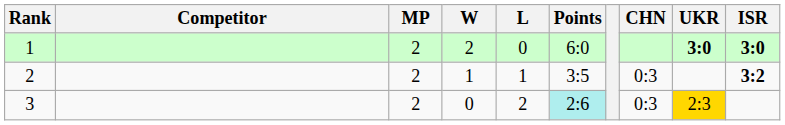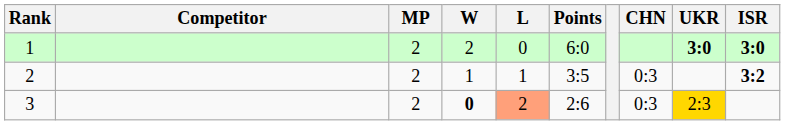 <table class="wikitable" style="text-align:center">
 <tr>
 <th>Rank</th>
 <th style="width:18em">Competitor</th>
 <th style="width:2.5em">MP</th>
 <th style="width:2.5em">W</th>
 <th style="width:2.5em">L</th>
 <th>Points</th>
 <th rowspan="4"> </th>
 <th style="width:2.5em">CHN</th>
 <th style="width:2.5em">UKR</th>
 <th style="width:2.5em">ISR</th>
 </tr>
 <tr style="background:#cfc;">
 <td>1</td>
 <td style="text-align:left"></td>
 <td>2</td>
 <td>2</td>
 <td>0</td>
 <td>6:0</td>
 <td></td>
 <td><strong>3:0</strong></td>
 <td><strong>3:0</strong></td>
 </tr>
 <tr>
 <td>2</td>
 <td style="text-align:left"></td>
 <td>2</td>
 <td>1</td>
 <td>1</td>
 <td>3:5</td>
 <td>0:3</td>
 <td></td>
 <td><strong>3:2</strong></td>
 </tr>
 <tr>
 <td>3</td>
 <td style="text-align:left"></td>
 <td>2</td>
-<td>0</td>
-<td>2</td>
-<td style="background: paleturquoise;">2:6</td>
+<td><strong>0</strong></td>
+<td style="background: lightsalmon;">2</td>
+<td>2:6</td>
 <td>0:3</td>
 <td style="background: gold;">2:3</td>
 <td></td>
 </tr>
 </table>
